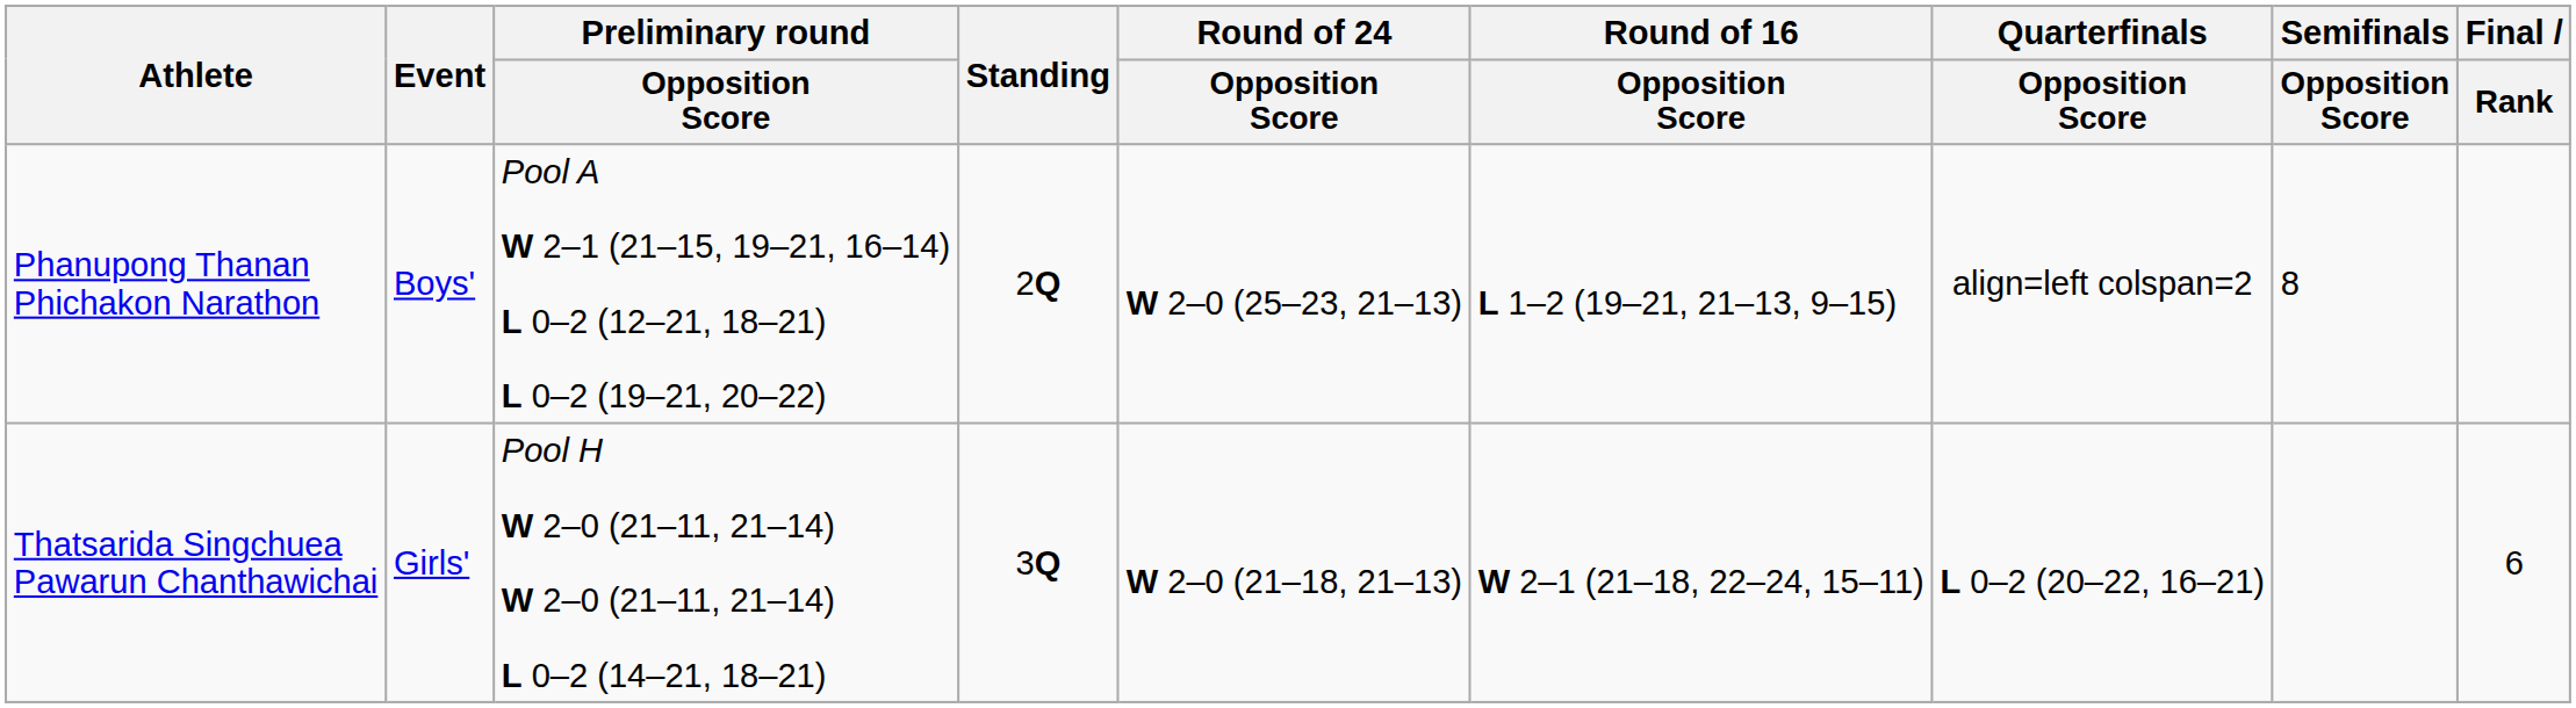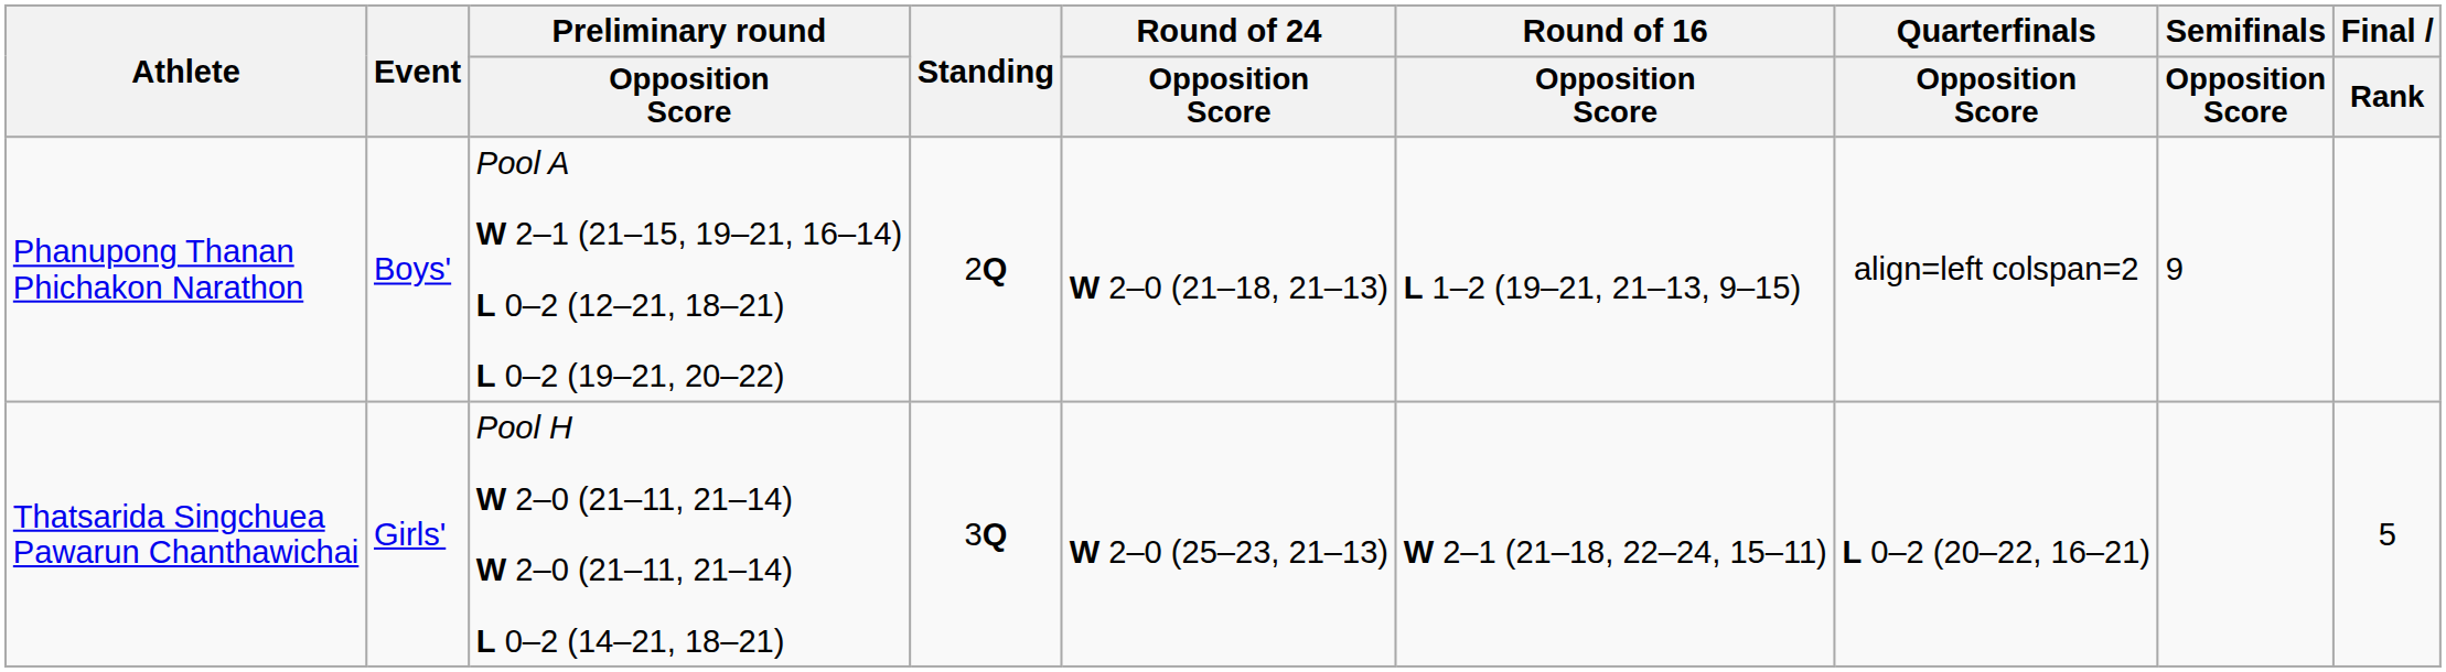 <table class=wikitable style="font-size:90%">
 <tr>
 <th rowspan="2">Athlete</th>
 <th rowspan="2">Event</th>
 <th>Preliminary round</th>
 <th rowspan="2">Standing</th>
 <th>Round of 24</th>
 <th>Round of 16</th>
 <th>Quarterfinals</th>
 <th>Semifinals</th>
 <th colspan=2>Final / </th>
 </tr>
 <tr style="font-size:95%">
 <th>Opposition<br>Score</th>
 <th>Opposition<br>Score</th>
 <th>Opposition<br>Score</th>
 <th>Opposition<br>Score</th>
 <th>Opposition<br>Score</th>
 <th>Rank</th>
 </tr>
 <tr align=center>
 <td align=left><a href='#'>Phanupong Thanan</a><br><a href='#'>Phichakon Narathon</a></td>
 <td align=left><a href='#'>Boys'</a></td>
 <td align=left align=center><em>Pool A</em><br><br><strong>W</strong> 2–1 (21–15, 19–21, 16–14)<br><br><strong>L</strong> 0–2 (12–21, 18–21)<br><br><strong>L</strong> 0–2 (19–21, 20–22)</td>
 <td>2<strong>Q</strong></td>
-<td align=left align=center><br><strong>W</strong> 2–0 (25–23, 21–13)</td>
+<td align=left align=center><br><strong>W</strong> 2–0 (21–18, 21–13)</td>
 <td align=left align=center><br><strong>L</strong> 1–2 (19–21, 21–13, 9–15)</td>
 <td>align=left colspan=2 </td>
-<td align=left align=center>8</td>
+<td align=left align=center>9</td>
 </tr>
 <tr align=center>
 <td align=left><a href='#'>Thatsarida Singchuea</a><br><a href='#'>Pawarun Chanthawichai</a></td>
 <td align=left><a href='#'>Girls'</a></td>
 <td align=left align=center><em>Pool H</em><br><br><strong>W</strong> 2–0 (21–11, 21–14)<br><br><strong>W</strong> 2–0 (21–11, 21–14)<br><br><strong>L</strong> 0–2 (14–21, 18–21)</td>
 <td>3<strong>Q</strong></td>
-<td align=left align=center><br><strong>W</strong> 2–0 (21–18, 21–13)</td>
+<td align=left align=center><br><strong>W</strong> 2–0 (25–23, 21–13)</td>
 <td align=left align=center><br><strong>W</strong> 2–1 (21–18, 22–24, 15–11)</td>
 <td align=left align=center><br><strong>L</strong> 0–2 (20–22, 16–21)</td>
 <td></td>
-<td>6</td>
+<td>5</td>
 </tr>
 </table>
